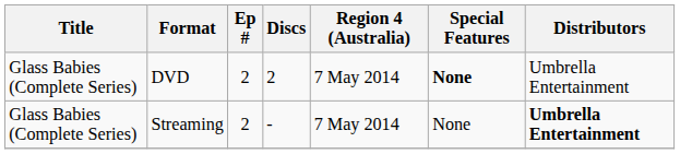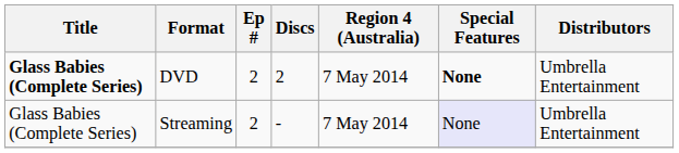 <table class="wikitable">
 <tr>
 <th>Title</th>
 <th>Format</th>
 <th>Ep #</th>
 <th>Discs</th>
 <th>Region 4 (Australia)</th>
 <th>Special Features</th>
 <th>Distributors</th>
 </tr>
 <tr>
-<td>Glass Babies (Complete Series)</td>
+<td><strong>Glass Babies (Complete Series)</strong></td>
 <td>DVD</td>
 <td style="text-align:center;">2</td>
 <td>2</td>
 <td>7 May 2014</td>
 <td><strong>None</strong></td>
 <td>Umbrella Entertainment</td>
 </tr>
 <tr>
 <td>Glass Babies (Complete Series)</td>
 <td>Streaming</td>
 <td style="text-align:center;">2</td>
 <td>-</td>
 <td>7 May 2014</td>
-<td>None</td>
-<td><strong>Umbrella Entertainment</strong></td>
+<td style="background: lavender;">None</td>
+<td>Umbrella Entertainment</td>
 </tr>
 <tr>
 </tr>
 </table>
